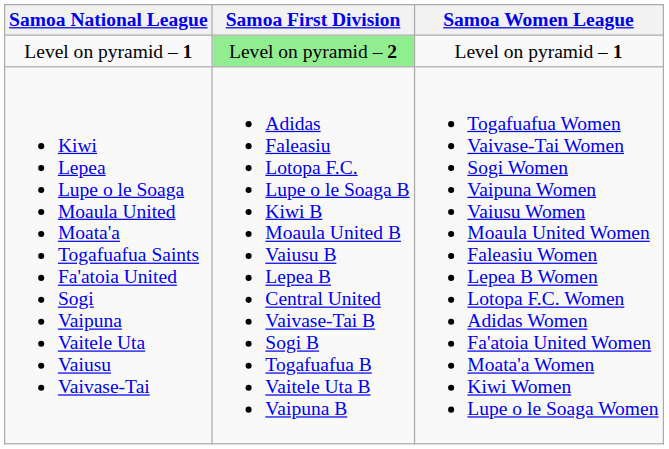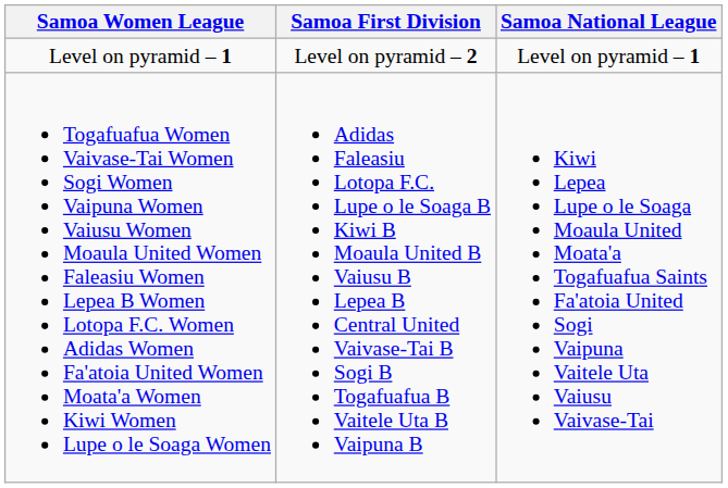 <table class="wikitable">
 <tr>
+<th><a href='#'>Samoa Women League</a></th>
+<th><a href='#'>Samoa First Division</a></th>
 <th><a href='#'>Samoa National League</a></th>
-<th><a href='#'>Samoa First Division</a></th>
-<th><a href='#'>Samoa Women League</a></th>
 </tr>
 <tr>
 <td style="text-align:center;">Level on pyramid – <strong>1</strong></td>
-<td style="background: lightgreen; text-align:center;">Level on pyramid – <strong>2</strong></td>
+<td style="text-align:center;">Level on pyramid – <strong>2</strong></td>
 <td style="text-align:center;">Level on pyramid – <strong>1</strong></td>
 </tr>
 <tr>
+<td><br><ul><li><a href='#'>Togafuafua Women</a></li><li><a href='#'>Vaivase-Tai Women</a></li><li><a href='#'>Sogi Women</a></li><li><a href='#'>Vaipuna Women</a></li><li><a href='#'>Vaiusu Women</a></li><li><a href='#'>Moaula United Women</a></li><li><a href='#'>Faleasiu Women</a></li><li><a href='#'>Lepea B Women</a></li><li><a href='#'>Lotopa F.C. Women</a></li><li><a href='#'>Adidas Women</a></li><li><a href='#'>Fa'atoia United Women</a></li><li><a href='#'>Moata'a Women</a></li><li><a href='#'>Kiwi Women</a></li><li><a href='#'>Lupe o le Soaga Women</a></li></ul></td>
+<td><br><ul><li><a href='#'>Adidas</a></li><li><a href='#'>Faleasiu</a></li><li><a href='#'>Lotopa F.C.</a></li><li><a href='#'>Lupe o le Soaga B</a></li><li><a href='#'>Kiwi B</a></li><li><a href='#'>Moaula United B</a></li><li><a href='#'>Vaiusu B</a></li><li><a href='#'>Lepea B</a></li><li><a href='#'>Central United</a></li><li><a href='#'>Vaivase-Tai B</a></li><li><a href='#'>Sogi B</a></li><li><a href='#'>Togafuafua B</a></li><li><a href='#'>Vaitele Uta B</a></li><li><a href='#'>Vaipuna B</a></li></ul></td>
 <td><br><ul><li><a href='#'>Kiwi</a></li><li><a href='#'>Lepea</a></li><li><a href='#'>Lupe o le Soaga</a></li><li><a href='#'>Moaula United</a></li><li><a href='#'>Moata'a</a></li><li><a href='#'>Togafuafua Saints</a></li><li><a href='#'>Fa'atoia United</a></li><li><a href='#'>Sogi</a></li><li><a href='#'>Vaipuna</a></li><li><a href='#'>Vaitele Uta</a></li><li><a href='#'>Vaiusu</a></li><li><a href='#'>Vaivase-Tai</a></li></ul></td>
-<td><br><ul><li><a href='#'>Adidas</a></li><li><a href='#'>Faleasiu</a></li><li><a href='#'>Lotopa F.C.</a></li><li><a href='#'>Lupe o le Soaga B</a></li><li><a href='#'>Kiwi B</a></li><li><a href='#'>Moaula United B</a></li><li><a href='#'>Vaiusu B</a></li><li><a href='#'>Lepea B</a></li><li><a href='#'>Central United</a></li><li><a href='#'>Vaivase-Tai B</a></li><li><a href='#'>Sogi B</a></li><li><a href='#'>Togafuafua B</a></li><li><a href='#'>Vaitele Uta B</a></li><li><a href='#'>Vaipuna B</a></li></ul></td>
-<td><br><ul><li><a href='#'>Togafuafua Women</a></li><li><a href='#'>Vaivase-Tai Women</a></li><li><a href='#'>Sogi Women</a></li><li><a href='#'>Vaipuna Women</a></li><li><a href='#'>Vaiusu Women</a></li><li><a href='#'>Moaula United Women</a></li><li><a href='#'>Faleasiu Women</a></li><li><a href='#'>Lepea B Women</a></li><li><a href='#'>Lotopa F.C. Women</a></li><li><a href='#'>Adidas Women</a></li><li><a href='#'>Fa'atoia United Women</a></li><li><a href='#'>Moata'a Women</a></li><li><a href='#'>Kiwi Women</a></li><li><a href='#'>Lupe o le Soaga Women</a></li></ul></td>
 </tr>
 </table>
